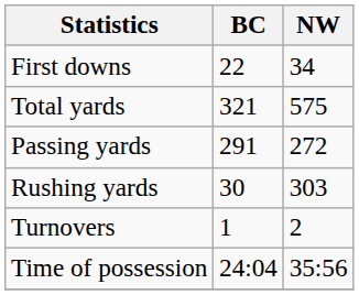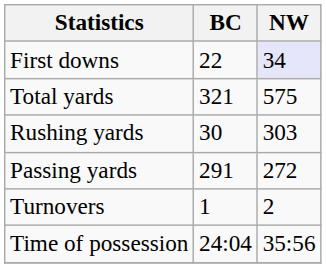 <table class="wikitable">
 <tr>
 <th>Statistics</th>
 <th>BC</th>
 <th>NW</th>
 </tr>
 <tr>
 <td>First downs</td>
 <td>22</td>
-<td>34</td>
+<td style="background: lavender;">34</td>
 </tr>
 <tr>
 <td>Total yards</td>
 <td>321</td>
 <td>575</td>
 </tr>
 <tr>
+<td>Rushing yards</td>
+<td>30</td>
+<td>303</td>
+</tr>
+<tr>
 <td>Passing yards</td>
 <td>291</td>
 <td>272</td>
-</tr>
-<tr>
-<td>Rushing yards</td>
-<td>30</td>
-<td>303</td>
 </tr>
 <tr>
 <td>Turnovers</td>
 <td>1</td>
 <td>2</td>
 </tr>
 <tr>
 <td>Time of possession</td>
 <td>24:04</td>
 <td>35:56</td>
 </tr>
 <tr>
 </tr>
 </table>
